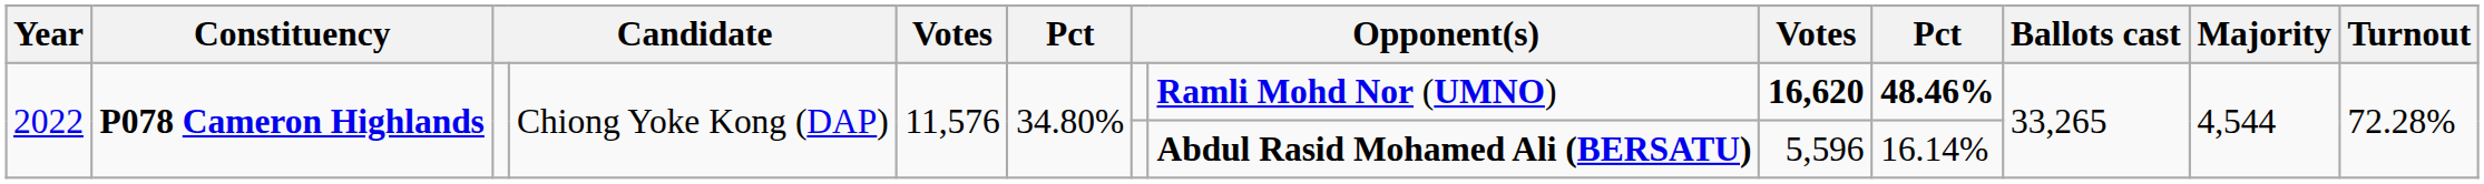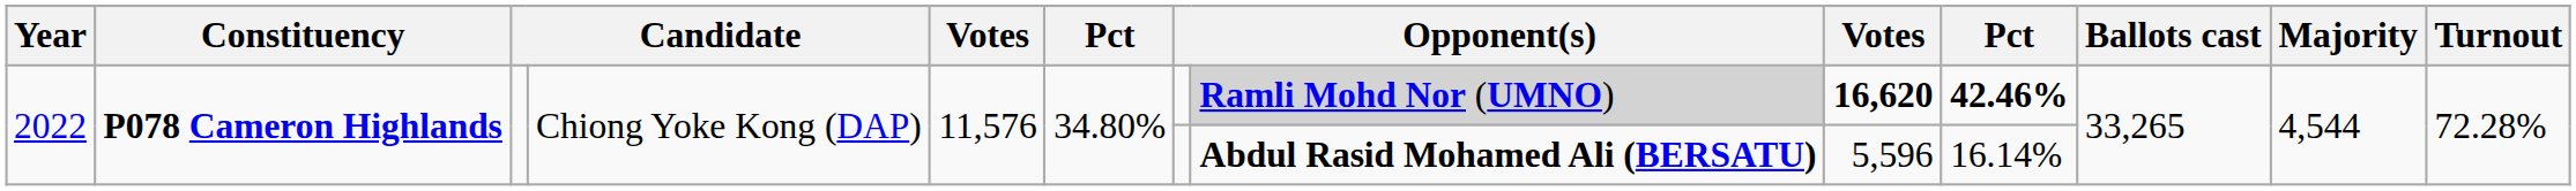 <table class="wikitable" style="margin:0.5em ; font-size:95%">
 <tr>
 <th>Year</th>
 <th>Constituency</th>
 <th colspan=2>Candidate</th>
 <th>Votes</th>
 <th>Pct</th>
 <th colspan=2>Opponent(s)</th>
 <th>Votes</th>
 <th>Pct</th>
 <th>Ballots cast</th>
 <th>Majority</th>
 <th>Turnout</th>
 </tr>
 <tr>
 <td rowspan=2><a href='#'>2022</a></td>
 <td rowspan=2><strong>P078 <a href='#'>Cameron Highlands</a></strong></td>
 <td rowspan=2 ></td>
 <td rowspan=2>Chiong Yoke Kong (<a href='#'>DAP</a>)</td>
 <td rowspan=2 align=right>11,576</td>
 <td rowspan=2>34.80%</td>
 <td></td>
-<td><strong><a href='#'>Ramli Mohd Nor</a></strong> (<a href='#'><strong>UMNO</strong></a>)</td>
+<td style="background: lightgrey;"><strong><a href='#'>Ramli Mohd Nor</a></strong> (<a href='#'><strong>UMNO</strong></a>)</td>
 <td align=right><strong>16,620</strong></td>
-<td><strong>48.46%</strong></td>
+<td><strong>42.46%</strong></td>
 <td rowspan=2>33,265</td>
 <td rowspan=2>4,544</td>
 <td rowspan=2>72.28%</td>
 </tr>
 <tr>
 <td bgcolor=></td>
 <td><strong>Abdul Rasid Mohamed Ali (<a href='#'>BERSATU</a>)</strong></td>
 <td align=right>5,596</td>
 <td>16.14%</td>
 </tr>
 </table>
